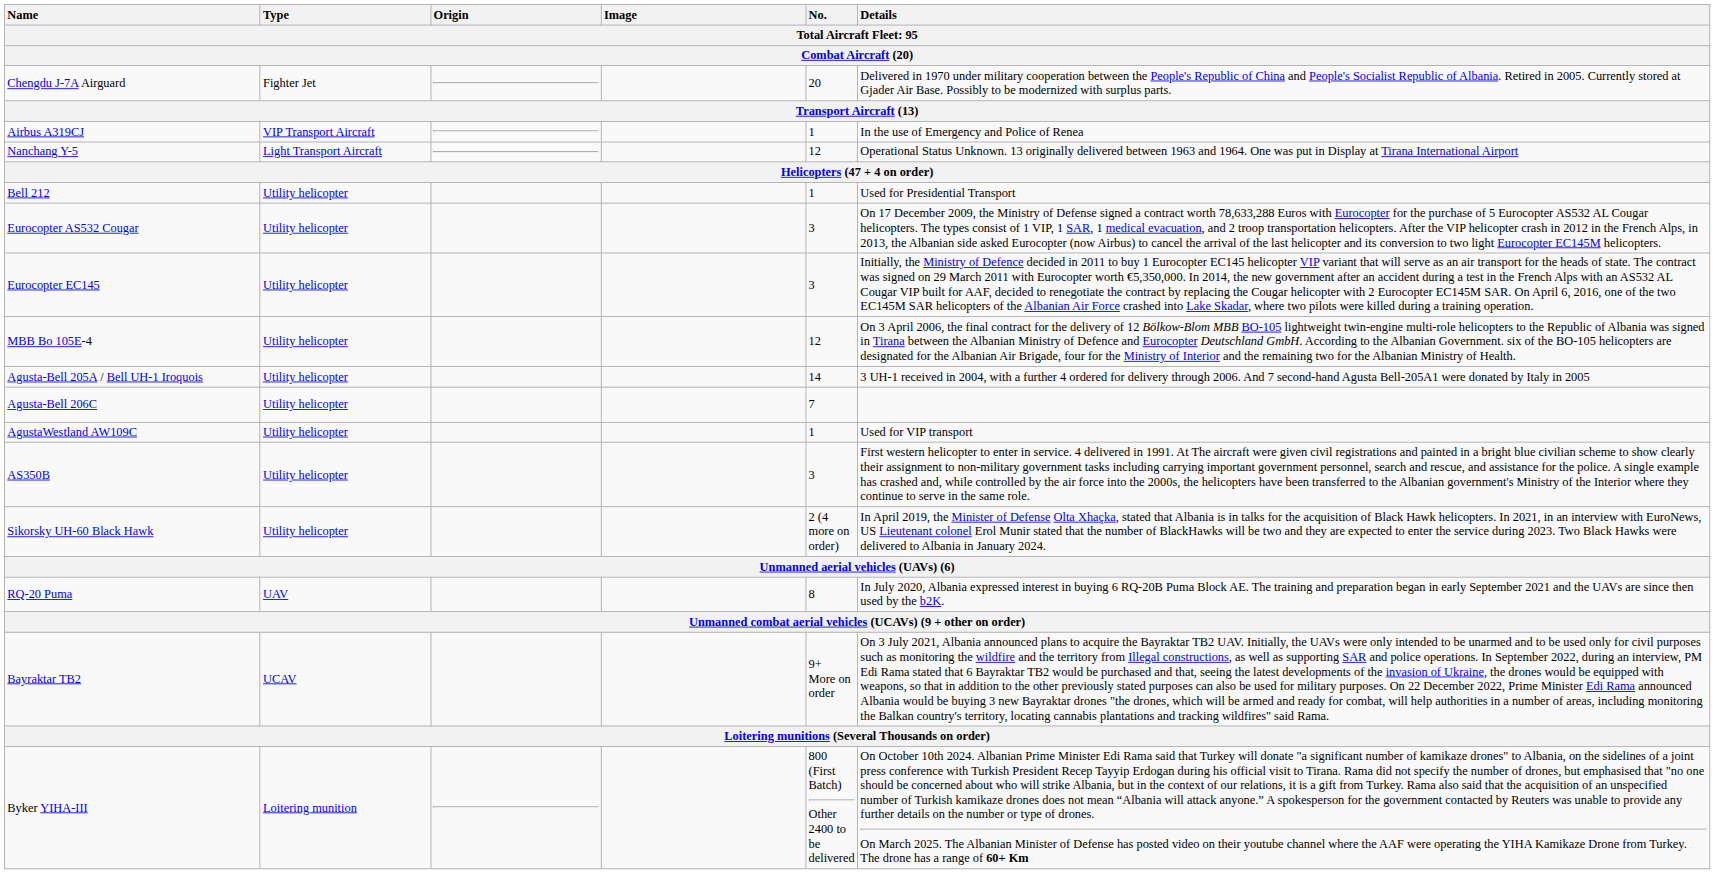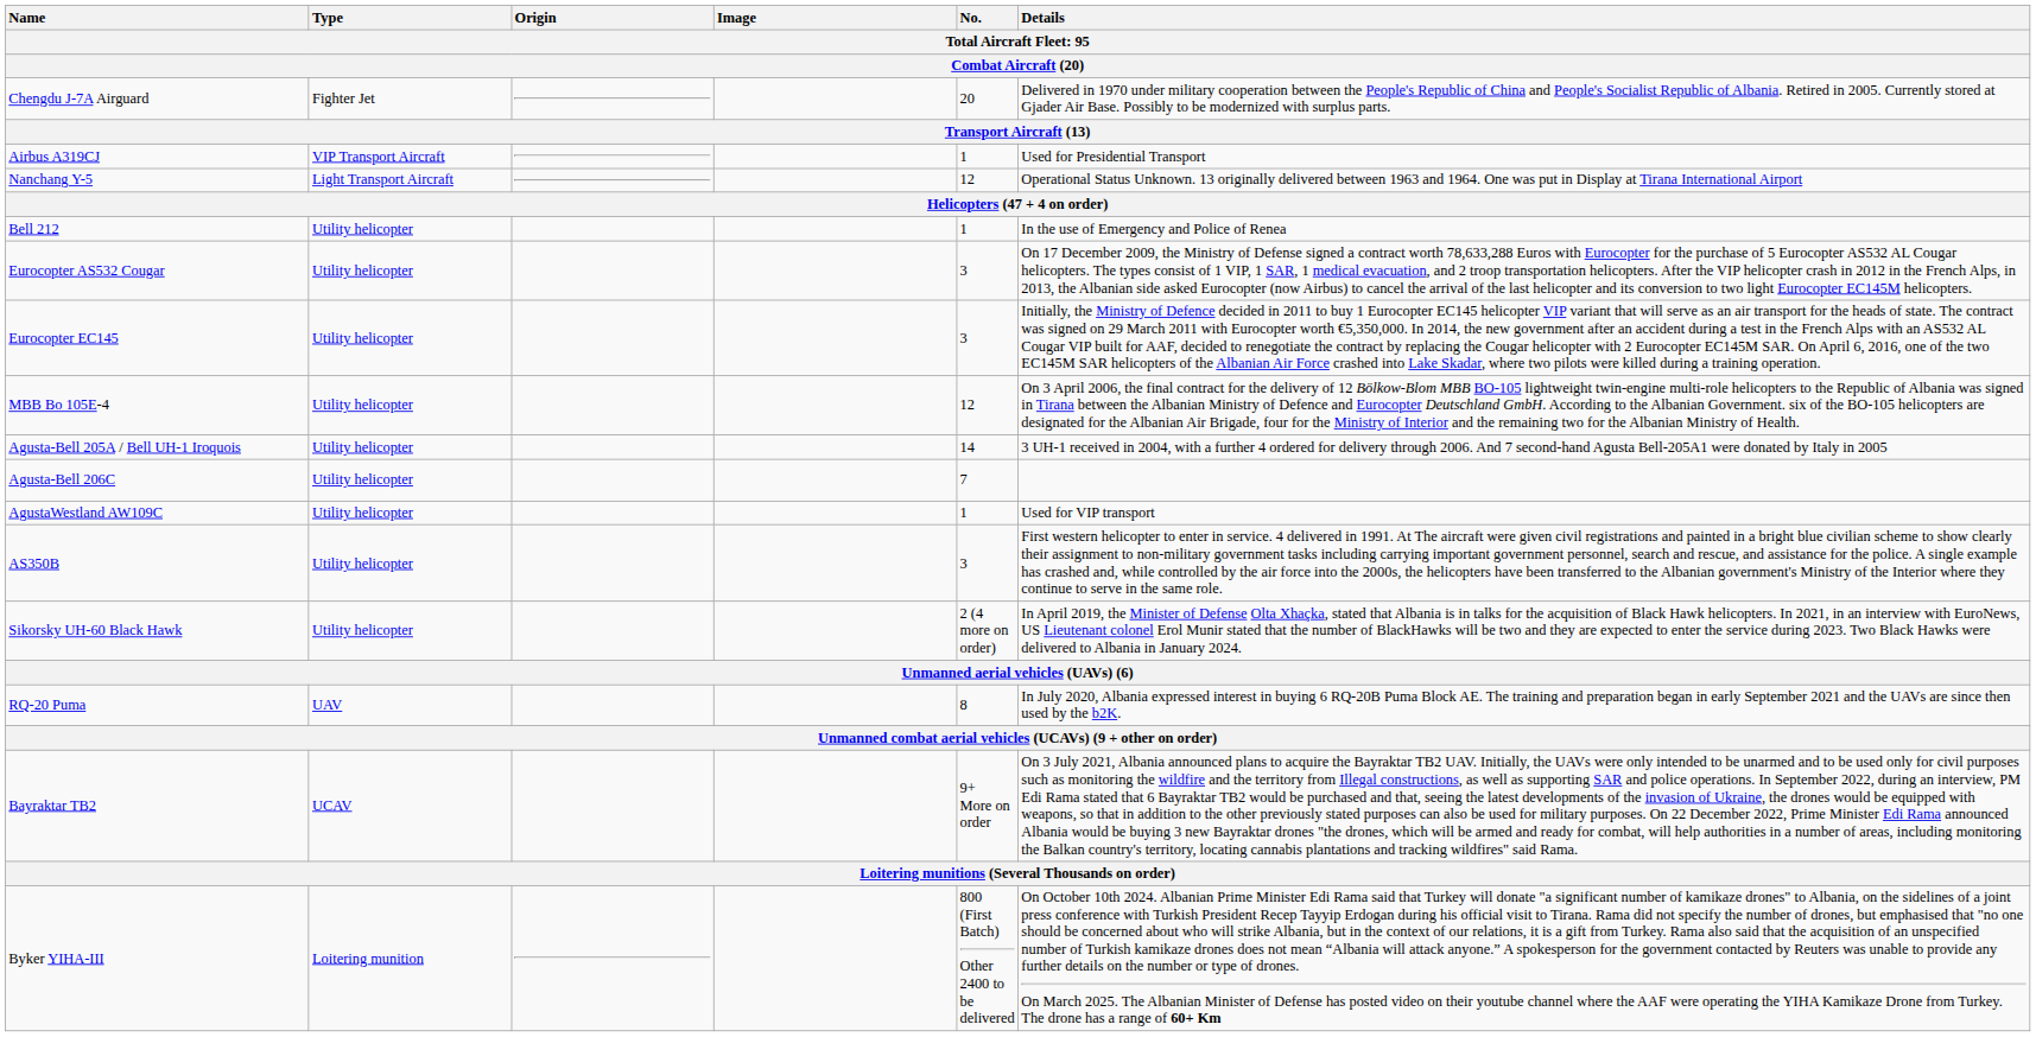 <table class="wikitable" style="margin:auto; font-size:90%; width:100%;">
 <tr>
 <th style="text-align:left; width:15%;">Name</th>
 <th style="text-align:left; width:10%;">Type</th>
 <th style="text-align:left; width:10%;">Origin</th>
 <th style="text-align:left; width:12%;">Image</th>
 <th style="text-align:left; width:3%;">No.</th>
 <th style="text-align:left; width:50%;">Details</th>
 </tr>
 <tr>
 <th style="align: center;" colspan="6">Total Aircraft Fleet: 95</th>
 </tr>
 <tr>
 <th style="align: center;" colspan="6"><a href='#'>Combat Aircraft</a> (20)</th>
 </tr>
 <tr>
 <td><a href='#'>Chengdu J-7A</a> Airguard</td>
 <td>Fighter Jet</td>
 <td> <hr> </td>
 <td></td>
 <td>20</td>
 <td>Delivered in 1970 under military cooperation between the <a href='#'>People's Republic of China</a> and <a href='#'>People's Socialist Republic of Albania</a>. Retired in 2005. Currently stored at Gjader Air Base. Possibly to be modernized with surplus parts.</td>
 </tr>
 <tr>
 <th style="align: center;" colspan="6"><a href='#'>Transport Aircraft</a> (13)</th>
 </tr>
 <tr>
 <td><a href='#'>Airbus A319CJ</a></td>
 <td><a href='#'>VIP Transport Aircraft</a></td>
 <td> <hr> </td>
 <td></td>
 <td>1</td>
-<td>In the use of Emergency and Police of Renea</td>
+<td>Used for Presidential Transport</td>
 </tr>
 <tr>
 <td><a href='#'>Nanchang Y-5</a></td>
 <td><a href='#'>Light Transport Aircraft</a></td>
 <td> <hr> </td>
 <td></td>
 <td>12</td>
 <td>Operational Status Unknown. 13 originally delivered between 1963 and 1964. One was put in Display at <a href='#'>Tirana International Airport</a> </td>
 </tr>
 <tr>
 <th style="align: center;" colspan="6"><a href='#'>Helicopters</a> (47 + 4 on order)</th>
 </tr>
 <tr>
 <td><a href='#'>Bell 212</a></td>
 <td><a href='#'>Utility helicopter</a></td>
 <td><br></td>
 <td></td>
 <td>1</td>
-<td>Used for Presidential Transport</td>
+<td>In the use of Emergency and Police of Renea</td>
 </tr>
 <tr>
 <td><a href='#'>Eurocopter AS532 Cougar</a></td>
 <td><a href='#'>Utility helicopter</a></td>
 <td><br></td>
 <td></td>
 <td>3</td>
 <td>On 17 December 2009, the Ministry of Defense signed a contract worth 78,633,288 Euros with <a href='#'>Eurocopter</a> for the purchase of 5 Eurocopter AS532 AL Cougar helicopters. The types consist of 1 VIP, 1 <a href='#'>SAR</a>, 1 <a href='#'>medical evacuation</a>, and 2 troop transportation helicopters. After the VIP helicopter crash in 2012 in the French Alps, in 2013, the Albanian side asked Eurocopter (now Airbus) to cancel the arrival of the last helicopter and its conversion to two light <a href='#'>Eurocopter EC145M</a> helicopters.</td>
 </tr>
 <tr>
 <td><a href='#'>Eurocopter EC145</a></td>
 <td><a href='#'>Utility helicopter</a></td>
 <td><br><br></td>
 <td></td>
 <td>3</td>
 <td>Initially, the <a href='#'>Ministry of Defence</a> decided in 2011 to buy 1 Eurocopter EC145 helicopter <a href='#'>VIP</a> variant that will serve as an air transport for the heads of state. The contract was signed on 29 March 2011 with Eurocopter worth €5,350,000. In 2014, the new government after an accident during a test in the French Alps with an AS532 AL Cougar VIP built for AAF, decided to renegotiate the contract by replacing the Cougar helicopter with 2 Eurocopter EC145M SAR. On April 6, 2016, one of the two EC145M SAR helicopters of the <a href='#'>Albanian Air Force</a> crashed into <a href='#'>Lake Skadar</a>, where two pilots were killed during a training operation.</td>
 </tr>
 <tr>
 <td><a href='#'>MBB Bo 105E</a>-4</td>
 <td><a href='#'>Utility helicopter</a></td>
 <td></td>
 <td></td>
 <td>12</td>
 <td>On 3 April 2006, the final contract for the delivery of 12 <em>Bölkow-Blom MBB</em> <a href='#'>BO-105</a> lightweight twin-engine multi-role helicopters to the Republic of Albania was signed in <a href='#'>Tirana</a> between the Albanian Ministry of Defence and <a href='#'>Eurocopter</a> <em>Deutschland GmbH</em>. According to the Albanian Government. six of the BO-105 helicopters are designated for the Albanian Air Brigade, four for the <a href='#'>Ministry of Interior</a> and the remaining two for the Albanian Ministry of Health.</td>
 </tr>
 <tr>
 <td><a href='#'>Agusta-Bell 205A</a> / <a href='#'>Bell UH-1 Iroquois</a></td>
 <td><a href='#'>Utility helicopter</a></td>
 <td><br></td>
 <td></td>
 <td>14</td>
 <td>3 UH-1 received in 2004, with a further 4 ordered for delivery through 2006. And 7 second-hand Agusta Bell-205A1 were donated by Italy in 2005</td>
 </tr>
 <tr>
 <td><a href='#'>Agusta-Bell 206C</a></td>
 <td><a href='#'>Utility helicopter</a></td>
 <td><br><br></td>
 <td></td>
 <td>7</td>
 <td></td>
 </tr>
 <tr>
 <td><a href='#'>AgustaWestland AW109C</a></td>
 <td><a href='#'>Utility helicopter</a></td>
 <td></td>
 <td></td>
 <td>1</td>
 <td>Used for VIP transport</td>
 </tr>
 <tr>
 <td><a href='#'>AS350B</a></td>
 <td><a href='#'>Utility helicopter</a></td>
 <td></td>
 <td></td>
 <td>3</td>
 <td>First western helicopter to enter in service. 4 delivered in 1991. At The aircraft were given civil registrations and painted in a bright blue civilian scheme to show clearly their assignment to non-military government tasks including carrying important government personnel, search and rescue, and assistance for the police. A single example has crashed and, while controlled by the air force into the 2000s, the helicopters have been transferred to the Albanian government's Ministry of the Interior where they continue to serve in the same role.</td>
 </tr>
 <tr>
 <td><a href='#'>Sikorsky UH-60 Black Hawk</a></td>
 <td><a href='#'>Utility helicopter</a></td>
 <td></td>
 <td></td>
 <td>2 (4 more on order)</td>
 <td>In April 2019, the <a href='#'>Minister of Defense</a> <a href='#'>Olta Xhaçka</a>, stated that Albania is in talks for the acquisition of Black Hawk helicopters. In 2021, in an interview with EuroNews, US <a href='#'>Lieutenant colonel</a> Erol Munir stated that the number of BlackHawks will be two and they are expected to enter the service during 2023. Two Black Hawks were delivered to Albania in January 2024.</td>
 </tr>
 <tr>
 <th style="align: center;" colspan="6"><a href='#'>Unmanned aerial vehicles</a> (UAVs) (6)</th>
 </tr>
 <tr>
 <td><a href='#'>RQ-20 Puma</a></td>
 <td><a href='#'>UAV</a></td>
 <td></td>
 <td></td>
 <td>8</td>
 <td>In July 2020, Albania expressed interest in buying 6 RQ-20B Puma Block AE. The training and preparation began in early September 2021 and the UAVs are since then used by the <a href='#'>b2K</a>.</td>
 </tr>
 <tr>
 <th style="align: center;" colspan="6"><a href='#'>Unmanned combat aerial vehicles</a> (UCAVs) (9 + other on order)</th>
 </tr>
 <tr>
 <td><a href='#'>Bayraktar TB2</a></td>
 <td><a href='#'>UCAV</a></td>
 <td></td>
 <td><br></td>
 <td>9+<br>More on order</td>
 <td>On 3 July 2021, Albania announced plans to acquire the Bayraktar TB2 UAV. Initially, the UAVs were only intended to be unarmed and to be used only for civil purposes such as monitoring the <a href='#'>wildfire</a> and the territory from <a href='#'>Illegal constructions</a>, as well as supporting <a href='#'>SAR</a> and police operations. In September 2022, during an interview, PM Edi Rama stated that 6 Bayraktar TB2  would be purchased and that, seeing the latest developments of the <a href='#'>invasion of Ukraine</a>, the drones would be equipped with weapons, so that in addition to the other previously stated purposes can also be used for military purposes. On 22 December 2022, Prime Minister <a href='#'>Edi Rama</a> announced Albania would be buying 3 new Bayraktar  drones "the drones, which will be armed and ready for combat, will help authorities in a number of areas, including monitoring the Balkan country's territory, locating cannabis plantations and tracking wildfires" said Rama.</td>
 </tr>
 <tr>
 <th style="align: center;" colspan="6"><a href='#'>Loitering munitions</a> (Several Thousands on order)</th>
 </tr>
 <tr>
 <td>Byker <a href='#'>YIHA-III</a></td>
 <td><a href='#'>Loitering munition</a></td>
 <td> <hr> </td>
 <td></td>
 <td>800 (First Batch) <hr> Other 2400 to be delivered</td>
 <td>On October 10th 2024. Albanian Prime Minister Edi Rama said that Turkey will donate "a significant number of kamikaze drones" to Albania, on the sidelines of a joint press conference with Turkish President Recep Tayyip Erdogan during his official visit to Tirana. Rama did not specify the number of drones, but emphasised that "no one should be concerned about who will strike Albania, but in the context of our relations, it is a gift from Turkey. Rama also said that the acquisition of an unspecified number of Turkish kamikaze drones does not mean “Albania will attack anyone.” A spokesperson for the government contacted by Reuters was unable to provide any further details on the number or type of drones.    <hr> On March 2025. The Albanian Minister of Defense has posted video on their youtube channel where the AAF were operating the YIHA Kamikaze Drone from Turkey. The drone has a range of <strong>60+ Km</strong></td>
 </tr>
 </table>
